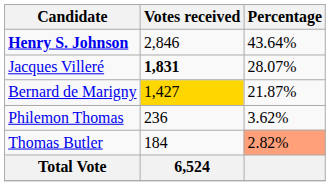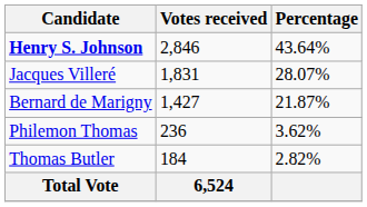 <table class="wikitable">
 <tr>
 <th>Candidate</th>
 <th>Votes received</th>
 <th>Percentage</th>
 </tr>
 <tr>
 <td><strong><a href='#'>Henry S. Johnson</a></strong></td>
 <td>2,846</td>
 <td>43.64%</td>
 </tr>
 <tr>
 <td><a href='#'>Jacques Villeré</a></td>
-<td><strong>1,831</strong></td>
+<td>1,831</td>
 <td>28.07%</td>
 </tr>
 <tr>
 <td><a href='#'>Bernard de Marigny</a></td>
-<td style="background: gold;">1,427</td>
+<td>1,427</td>
 <td>21.87%</td>
 </tr>
 <tr>
 <td><a href='#'>Philemon Thomas</a></td>
 <td>236</td>
 <td>3.62%</td>
 </tr>
 <tr>
 <td><a href='#'>Thomas Butler</a></td>
 <td>184</td>
-<td style="background: lightsalmon;">2.82%</td>
+<td>2.82%</td>
 </tr>
 <tr>
 <th>Total Vote</th>
 <th>6,524</th>
 <th></th>
 </tr>
 <tr>
 </tr>
 </table>
